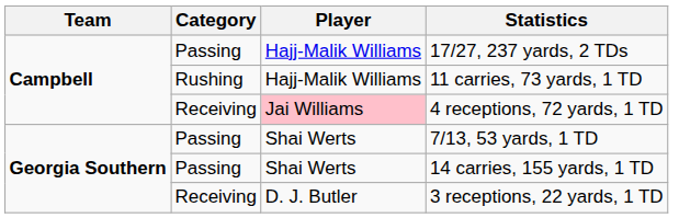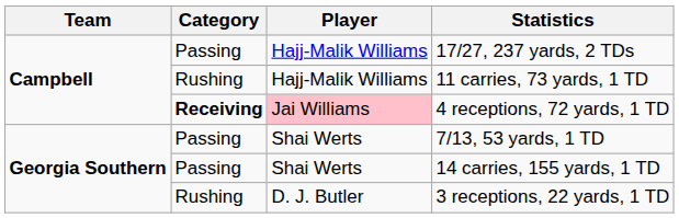 <table class="wikitable" style="float: left;">
 <tr>
 <th>Team</th>
 <th>Category</th>
 <th>Player</th>
 <th>Statistics</th>
 </tr>
 <tr>
 <td rowspan=3><strong>Campbell</strong></td>
 <td>Passing</td>
 <td><a href='#'>Hajj-Malik Williams</a></td>
 <td>17/27, 237 yards, 2 TDs</td>
 </tr>
 <tr>
 <td>Rushing</td>
 <td>Hajj-Malik Williams</td>
 <td>11 carries, 73 yards, 1 TD</td>
 </tr>
 <tr>
-<td>Receiving</td>
+<td><strong>Receiving</strong></td>
 <td style="background: pink;">Jai Williams</td>
 <td>4 receptions, 72 yards, 1 TD</td>
 </tr>
 <tr>
 <td rowspan=3><strong>Georgia Southern</strong></td>
 <td>Passing</td>
 <td>Shai Werts</td>
 <td>7/13, 53 yards, 1 TD</td>
 </tr>
 <tr>
 <td>Passing</td>
 <td>Shai Werts</td>
 <td>14 carries, 155 yards, 1 TD</td>
 </tr>
 <tr>
-<td>Receiving</td>
+<td>Rushing</td>
 <td>D. J. Butler</td>
 <td>3 receptions, 22 yards, 1 TD</td>
 </tr>
 </table>
